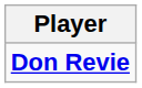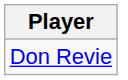 <table class="wikitable">
 <tr>
 <th>Player</th>
 </tr>
 <tr>
-<td><strong> <a href='#'>Don Revie</a></strong></td>
+<td> <a href='#'>Don Revie</a></td>
 </tr>
 </table>
